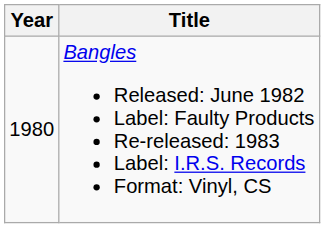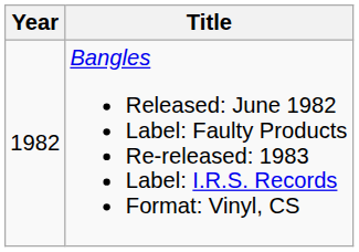 <table class="wikitable">
 <tr>
 <th width="33">Year</th>
 <th width="200">Title</th>
 </tr>
 <tr>
-<td align="center">1980</td>
+<td align="center">1982</td>
 <td><em><a href='#'>Bangles</a></em><br><ul><li>Released: June 1982</li><li>Label: Faulty Products</li><li>Re-released: 1983</li><li>Label: <a href='#'>I.R.S. Records</a></li><li>Format: Vinyl, CS</li></ul></td>
 </tr>
 </table>
